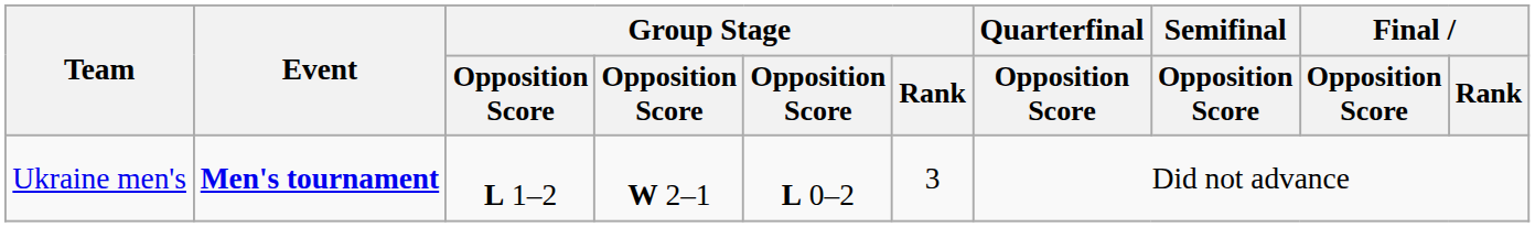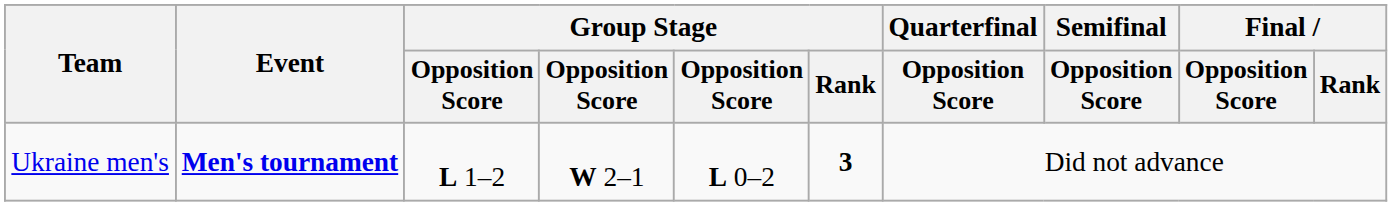 <table class=wikitable style=font-size:90%;text-align:center>
 <tr>
 <th rowspan=2>Team</th>
 <th rowspan=2>Event</th>
 <th colspan=4>Group Stage</th>
 <th>Quarterfinal</th>
 <th>Semifinal</th>
 <th colspan=2>Final / </th>
 </tr>
 <tr style=font-size:95%>
 <th>Opposition<br>Score</th>
 <th>Opposition<br>Score</th>
 <th>Opposition<br>Score</th>
 <th>Rank</th>
 <th>Opposition<br>Score</th>
 <th>Opposition<br>Score</th>
 <th>Opposition<br>Score</th>
 <th>Rank</th>
 </tr>
 <tr>
 <td align=left><a href='#'>Ukraine men's</a></td>
 <td align=left><strong><a href='#'>Men's tournament</a></strong></td>
 <td><br><strong>L</strong> 1–2</td>
 <td><br><strong>W</strong> 2–1</td>
 <td><br><strong>L</strong> 0–2</td>
-<td>3</td>
+<td><strong>3</strong></td>
 <td colspan=4>Did not advance</td>
 </tr>
 </table>
